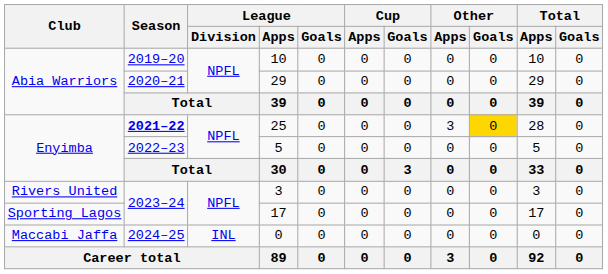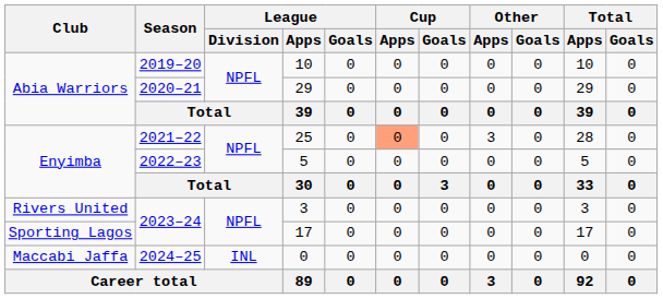 <table class="wikitable" style="text-align: center">
 <tr>
 <th rowspan="2">Club</th>
 <th rowspan="2">Season</th>
 <th colspan="3">League</th>
 <th colspan="2">Cup</th>
 <th colspan="2">Other</th>
 <th colspan="2">Total</th>
 </tr>
 <tr>
 <th>Division</th>
 <th>Apps</th>
 <th>Goals</th>
 <th>Apps</th>
 <th>Goals</th>
 <th>Apps</th>
 <th>Goals</th>
 <th>Apps</th>
 <th>Goals</th>
 </tr>
 <tr>
 <td rowspan="3"><a href='#'>Abia Warriors</a></td>
 <td><a href='#'>2019–20</a></td>
 <td rowspan="2"><a href='#'>NPFL</a></td>
 <td>10</td>
 <td>0</td>
 <td>0</td>
 <td>0</td>
 <td>0</td>
 <td>0</td>
 <td>10</td>
 <td>0</td>
 </tr>
 <tr>
 <td><a href='#'>2020–21</a></td>
 <td>29</td>
 <td>0</td>
 <td>0</td>
 <td>0</td>
 <td>0</td>
 <td>0</td>
 <td>29</td>
 <td>0</td>
 </tr>
 <tr>
 <th colspan="2">Total</th>
 <th>39</th>
 <th>0</th>
 <th>0</th>
 <th>0</th>
 <th>0</th>
 <th>0</th>
 <th>39</th>
 <th>0</th>
 </tr>
 <tr>
 <td rowspan="3"><a href='#'>Enyimba</a></td>
-<td><strong><a href='#'>2021–22</a></strong></td>
+<td><a href='#'>2021–22</a></td>
 <td rowspan="2"><a href='#'>NPFL</a></td>
 <td>25</td>
 <td>0</td>
-<td>0</td>
+<td style="background: lightsalmon;">0</td>
 <td>0</td>
 <td>3</td>
-<td style="background: gold;">0</td>
+<td>0</td>
 <td>28</td>
 <td>0</td>
 </tr>
 <tr>
 <td><a href='#'>2022–23</a></td>
 <td>5</td>
 <td>0</td>
 <td>0</td>
 <td>0</td>
 <td>0</td>
 <td>0</td>
 <td>5</td>
 <td>0</td>
 </tr>
 <tr>
 <th colspan="2">Total</th>
 <th>30</th>
 <th>0</th>
 <th>0</th>
 <th>3</th>
 <th>0</th>
 <th>0</th>
 <th>33</th>
 <th>0</th>
 </tr>
 <tr>
 <td><a href='#'>Rivers United</a></td>
 <td rowspan="2"><a href='#'>2023–24</a></td>
 <td rowspan="2"><a href='#'>NPFL</a></td>
 <td>3</td>
 <td>0</td>
 <td>0</td>
 <td>0</td>
 <td>0</td>
 <td>0</td>
 <td>3</td>
 <td>0</td>
 </tr>
 <tr>
 <td><a href='#'>Sporting Lagos</a></td>
 <td>17</td>
 <td>0</td>
 <td>0</td>
 <td>0</td>
 <td>0</td>
 <td>0</td>
 <td>17</td>
 <td>0</td>
 </tr>
 <tr>
 <td><a href='#'>Maccabi Jaffa</a></td>
 <td><a href='#'>2024–25</a></td>
 <td><a href='#'>INL</a></td>
 <td>0</td>
 <td>0</td>
 <td>0</td>
 <td>0</td>
 <td>0</td>
 <td>0</td>
 <td>0</td>
 <td>0</td>
 </tr>
 <tr>
 <th colspan="3">Career total</th>
 <th>89</th>
 <th>0</th>
 <th>0</th>
 <th>0</th>
 <th>3</th>
 <th>0</th>
 <th>92</th>
 <th>0</th>
 </tr>
 </table>
